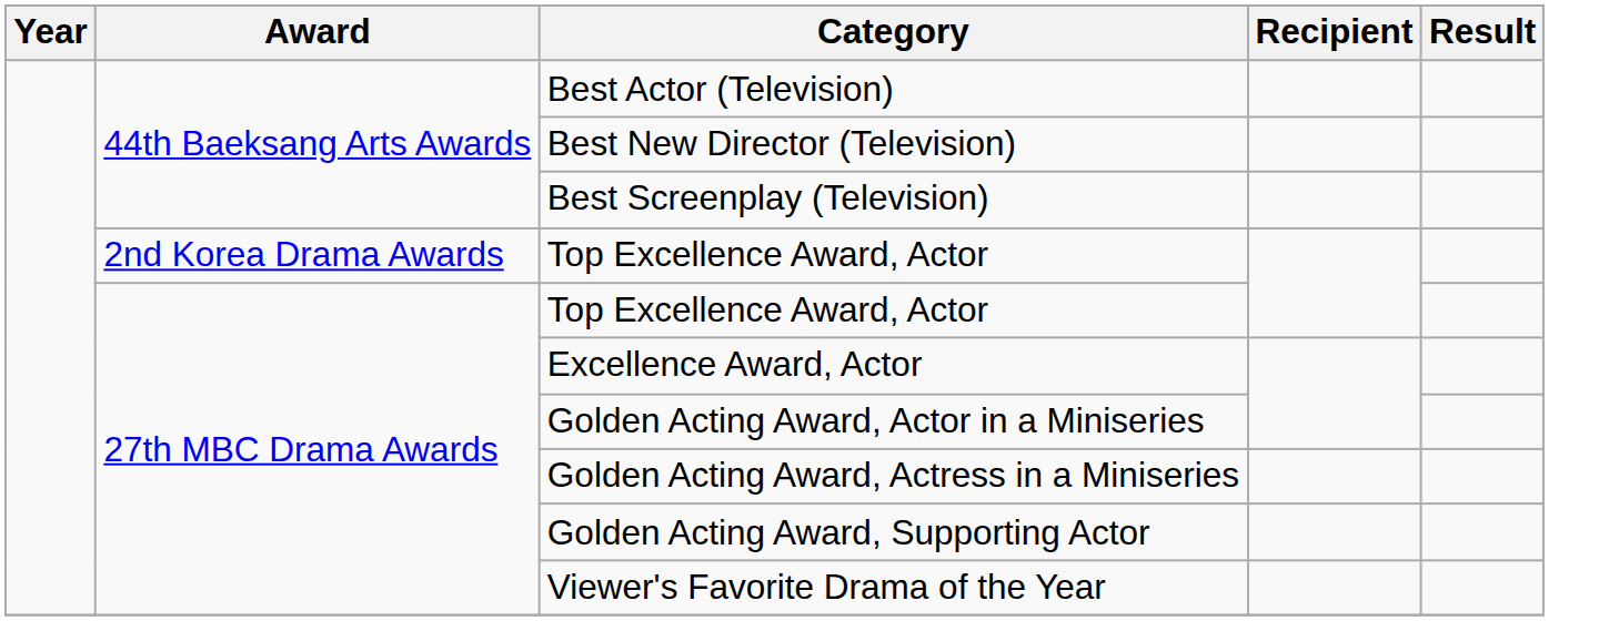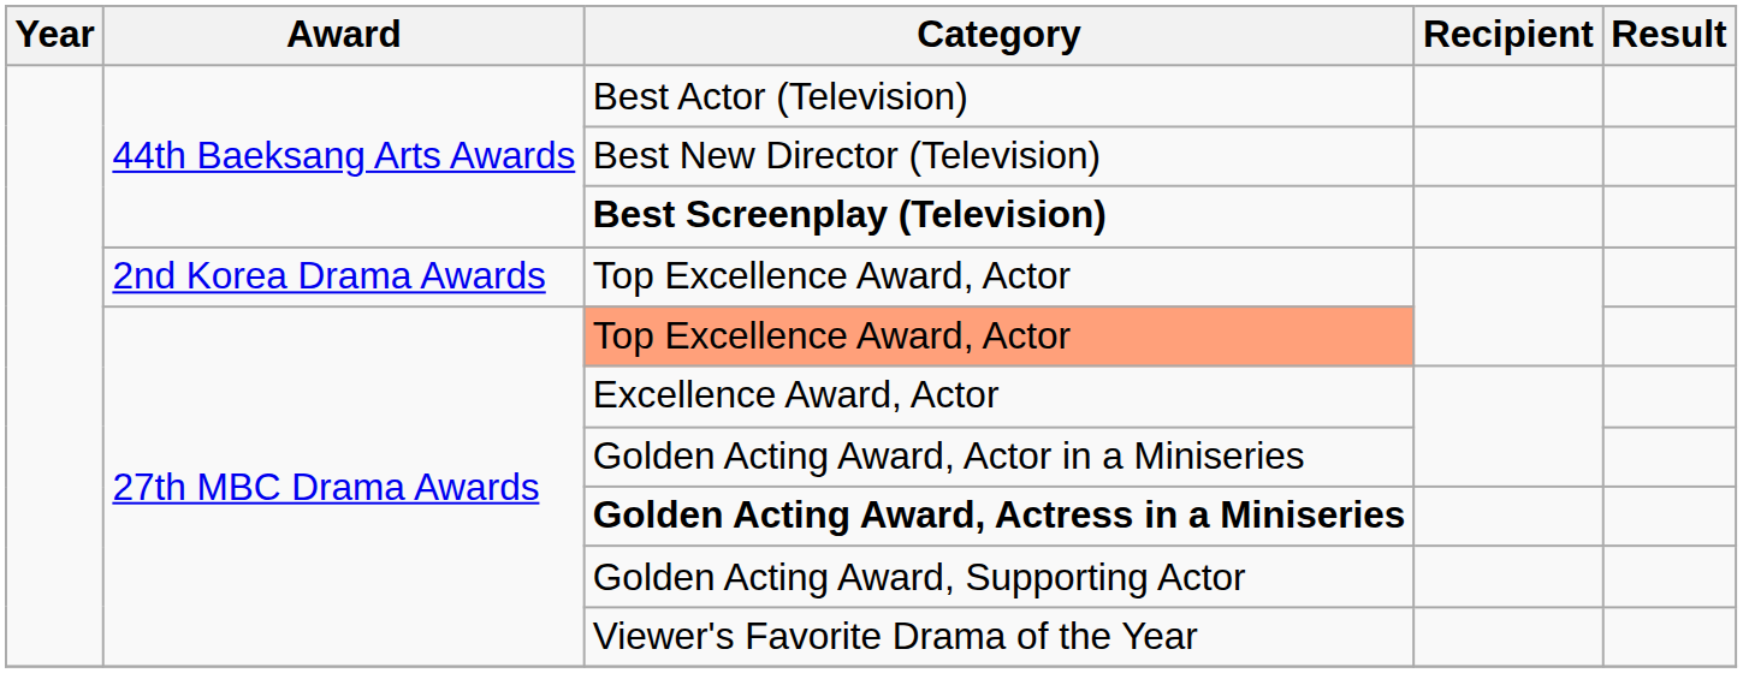 <table class="wikitable">
 <tr>
 <th>Year</th>
 <th>Award</th>
 <th>Category</th>
 <th>Recipient</th>
 <th>Result</th>
 </tr>
 <tr>
 <td rowspan="10"></td>
 <td rowspan="3"><a href='#'>44th Baeksang Arts Awards</a></td>
 <td>Best Actor (Television)</td>
 <td></td>
 <td></td>
 </tr>
 <tr>
 <td>Best New Director (Television)</td>
 <td></td>
 <td></td>
 </tr>
 <tr>
-<td>Best Screenplay (Television)</td>
+<td><strong>Best Screenplay (Television)</strong></td>
 <td></td>
 <td></td>
 </tr>
 <tr>
 <td><a href='#'>2nd Korea Drama Awards</a></td>
 <td>Top Excellence Award, Actor</td>
 <td rowspan="2"></td>
 <td></td>
 </tr>
 <tr>
 <td rowspan="6"><a href='#'>27th MBC Drama Awards</a></td>
-<td>Top Excellence Award, Actor</td>
+<td style="background: lightsalmon;">Top Excellence Award, Actor</td>
 <td></td>
 </tr>
 <tr>
 <td>Excellence Award, Actor</td>
 <td rowspan="2"></td>
 <td></td>
 </tr>
 <tr>
 <td>Golden Acting Award, Actor in a Miniseries</td>
 <td></td>
 </tr>
 <tr>
-<td>Golden Acting Award, Actress in a Miniseries</td>
+<td><strong>Golden Acting Award, Actress in a Miniseries</strong></td>
 <td></td>
 <td></td>
 </tr>
 <tr>
 <td>Golden Acting Award, Supporting Actor</td>
 <td></td>
 <td></td>
 </tr>
 <tr>
 <td>Viewer's Favorite Drama of the Year</td>
 <td></td>
 <td></td>
 </tr>
 <tr>
 </tr>
 </table>
